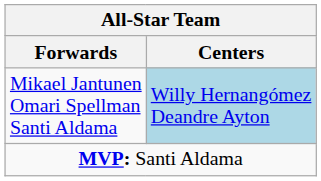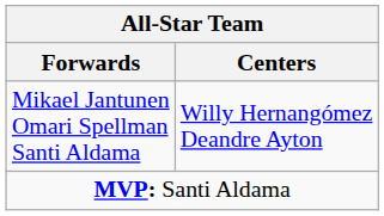 <table class=wikitable style="margin:auto">
 <tr>
 <th colspan=3 align=center>All-Star Team</th>
 </tr>
 <tr>
 <th>Forwards</th>
 <th>Centers</th>
 </tr>
 <tr>
 <td> <a href='#'>Mikael Jantunen</a><br> <a href='#'>Omari Spellman</a><br> <a href='#'>Santi Aldama</a></td>
-<td style="background: lightblue;"> <a href='#'>Willy Hernangómez</a><br> <a href='#'>Deandre Ayton</a></td>
+<td> <a href='#'>Willy Hernangómez</a><br> <a href='#'>Deandre Ayton</a></td>
 </tr>
 <tr>
 <td colspan=3 align=center><strong><a href='#'>MVP</a>:</strong>  Santi Aldama</td>
 </tr>
 </table>
